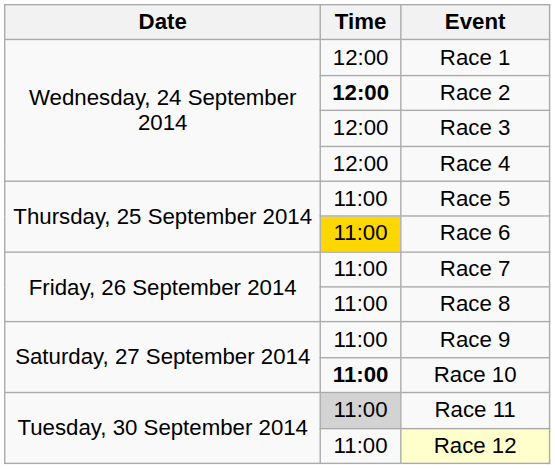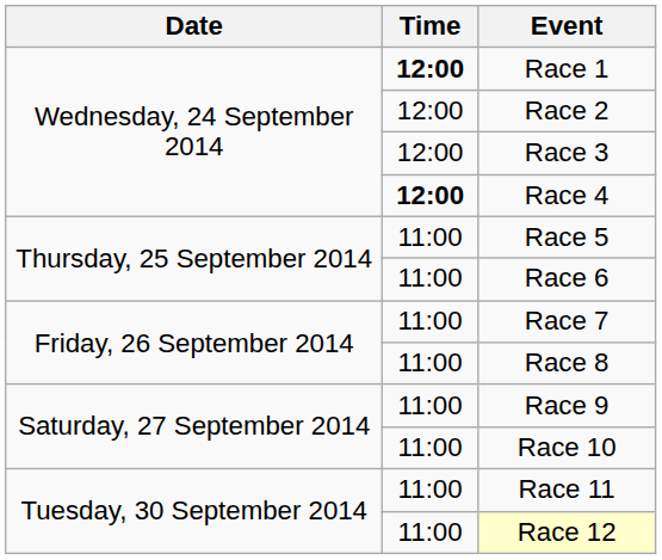 <table class = "wikitable" style="text-align:center;">
 <tr>
 <th width=220>Date</th>
 <th width=50>Time</th>
 <th width=100>Event</th>
 </tr>
 <tr>
 <td rowspan=4>Wednesday, 24 September 2014</td>
-<td>12:00</td>
+<td><strong>12:00</strong></td>
 <td>Race 1</td>
 </tr>
 <tr>
-<td><strong>12:00</strong></td>
+<td>12:00</td>
 <td>Race 2</td>
 </tr>
 <tr>
 <td>12:00</td>
 <td>Race 3</td>
 </tr>
 <tr>
-<td>12:00</td>
+<td><strong>12:00</strong></td>
 <td>Race 4</td>
 </tr>
 <tr>
 <td rowspan=2>Thursday, 25 September 2014</td>
 <td>11:00</td>
 <td>Race 5</td>
 </tr>
 <tr>
-<td style="background: gold;">11:00</td>
+<td>11:00</td>
 <td>Race 6</td>
 </tr>
 <tr>
 <td rowspan=2>Friday, 26 September 2014</td>
 <td>11:00</td>
 <td>Race 7</td>
 </tr>
 <tr>
 <td>11:00</td>
 <td>Race 8</td>
 </tr>
 <tr>
 <td rowspan=2>Saturday, 27 September 2014</td>
 <td>11:00</td>
 <td>Race 9</td>
 </tr>
 <tr>
-<td><strong>11:00</strong></td>
+<td>11:00</td>
 <td>Race 10</td>
 </tr>
 <tr>
 <td rowspan=2>Tuesday, 30 September 2014</td>
-<td style="background: lightgrey;">11:00</td>
+<td>11:00</td>
 <td>Race 11</td>
 </tr>
 <tr>
 <td>11:00</td>
 <td bgcolor=ffffcc>Race 12</td>
 </tr>
 </table>
